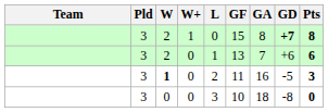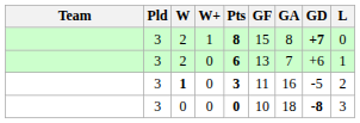 <table class="wikitable" style="text-align:center;">
 <tr>
 <th width=150>Team</th>
 <th width=20>Pld</th>
 <th width=20>W</th>
 <th width=20>W+</th>
-<th width=20>L</th>
+<th width=20>Pts</th>
 <th width=20>GF</th>
 <th width=20>GA</th>
 <th width=20>GD</th>
-<th width=20>Pts</th>
+<th width=20>L</th>
 </tr>
 <tr align=center style="background:#ccffcc;">
 <td align="left"></td>
 <td>3</td>
 <td>2</td>
 <td>1</td>
-<td>0</td>
+<td><strong>8</strong></td>
 <td>15</td>
 <td>8</td>
 <td><strong>+7</strong></td>
-<td><strong>8</strong></td>
+<td>0</td>
 </tr>
 <tr align=center style="background:#ccffcc;">
 <td align="left"></td>
 <td>3</td>
 <td>2</td>
 <td>0</td>
-<td>1</td>
+<td><strong>6</strong></td>
 <td>13</td>
 <td>7</td>
 <td>+6</td>
-<td><strong>6</strong></td>
+<td>1</td>
 </tr>
 <tr align=center style="background:#ffffff;">
 <td align="left"></td>
 <td>3</td>
 <td><strong>1</strong></td>
 <td>0</td>
-<td>2</td>
+<td><strong>3</strong></td>
 <td>11</td>
 <td>16</td>
 <td>-5</td>
-<td><strong>3</strong></td>
+<td>2</td>
 </tr>
 <tr align=center style="background:#ffffff;">
 <td align="left"></td>
 <td>3</td>
 <td>0</td>
 <td>0</td>
-<td>3</td>
+<td><strong>0</strong></td>
 <td>10</td>
 <td>18</td>
-<td>-8</td>
-<td><strong>0</strong></td>
+<td><strong>-8</strong></td>
+<td>3</td>
 </tr>
 </table>
